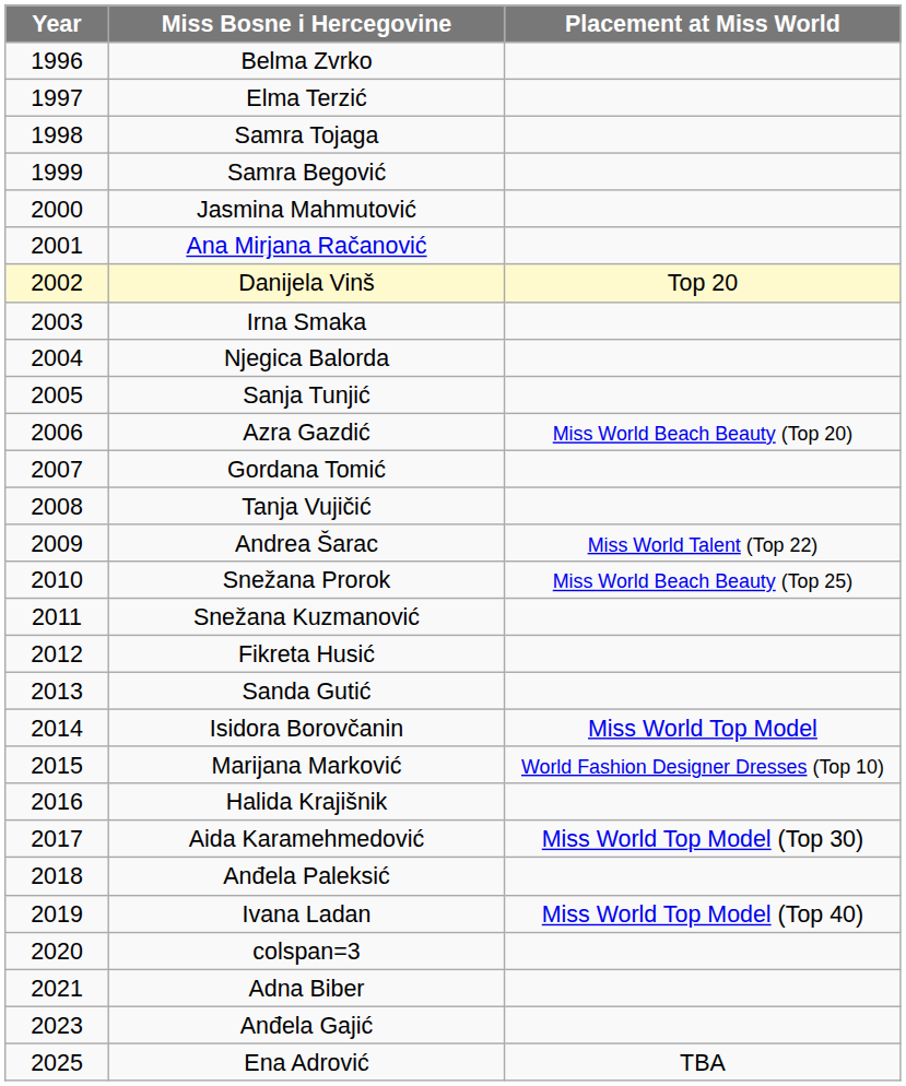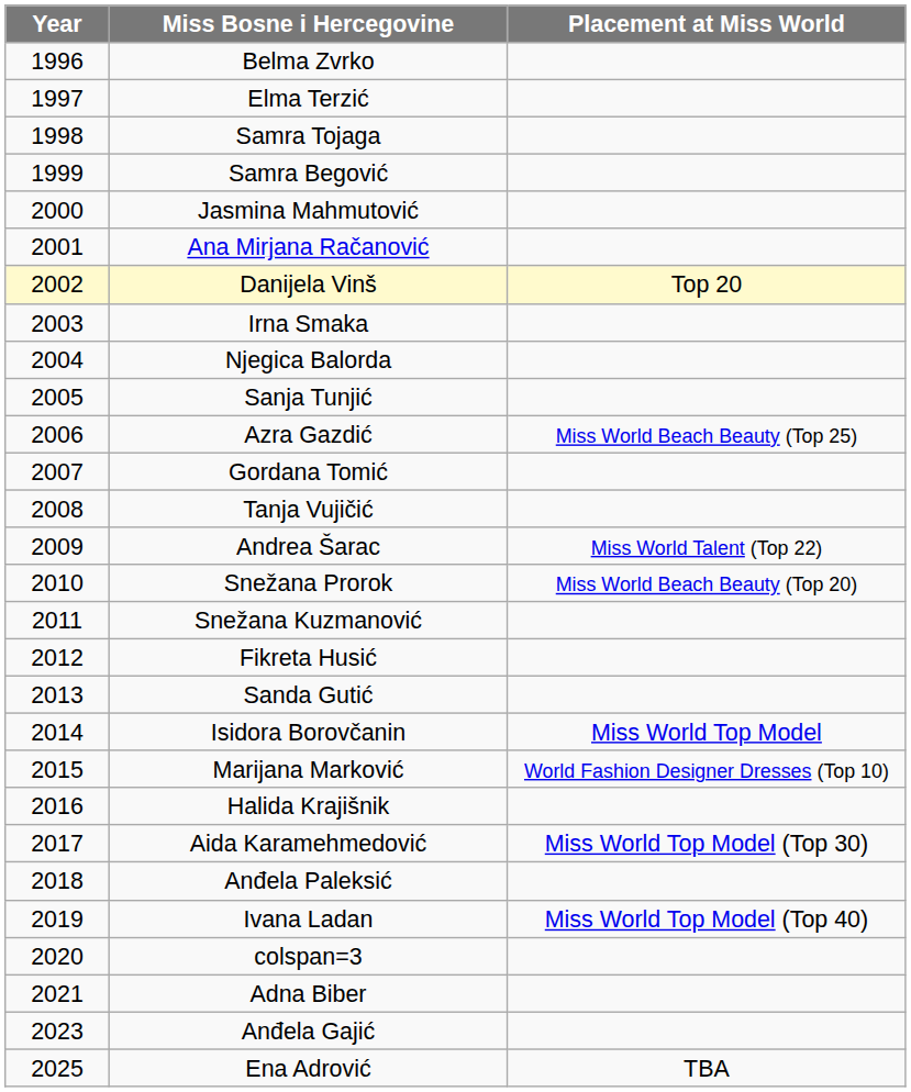 <table class="wikitable sortable" style="font-size: 95%; text-align:center">
 <tr>
 <th width="60" style="background-color:#787878;color:#FFFFFF;">Year</th>
 <th width="250" style="background-color:#787878;color:#FFFFFF;">Miss Bosne i Hercegovine</th>
 <th width="250" style="background-color:#787878;color:#FFFFFF;">Placement at Miss World</th>
 </tr>
 <tr>
 <td>1996</td>
 <td>Belma Zvrko</td>
 <td></td>
 </tr>
 <tr>
 <td>1997</td>
 <td>Elma Terzić</td>
 <td></td>
 </tr>
 <tr>
 <td>1998</td>
 <td>Samra Tojaga</td>
 <td></td>
 </tr>
 <tr>
 <td>1999</td>
 <td>Samra Begović</td>
 <td></td>
 </tr>
 <tr>
 <td>2000</td>
 <td>Jasmina Mahmutović</td>
 <td></td>
 </tr>
 <tr>
 <td>2001</td>
 <td><a href='#'>Ana Mirjana Račanović</a></td>
 <td></td>
 </tr>
 <tr style="background-color:#FFFACD;">
 <td>2002</td>
 <td>Danijela Vinš</td>
 <td>Top 20</td>
 </tr>
 <tr>
 <td>2003</td>
 <td>Irna Smaka</td>
 <td></td>
 </tr>
 <tr>
 <td>2004</td>
 <td>Njegica Balorda</td>
 <td></td>
 </tr>
 <tr>
 <td>2005</td>
 <td>Sanja Tunjić</td>
 <td></td>
 </tr>
 <tr>
 <td>2006</td>
 <td>Azra Gazdić</td>
-<td><small><a href='#'>Miss World Beach Beauty</a> (Top 20)</small></td>
+<td><small><a href='#'>Miss World Beach Beauty</a> (Top 25)</small></td>
 </tr>
 <tr>
 <td>2007</td>
 <td>Gordana Tomić</td>
 <td></td>
 </tr>
 <tr>
 <td>2008</td>
 <td>Tanja Vujičić</td>
 <td></td>
 </tr>
 <tr>
 <td>2009</td>
 <td>Andrea Šarac</td>
 <td><small><a href='#'>Miss World Talent</a> (Top 22)</small></td>
 </tr>
 <tr>
 <td>2010</td>
 <td>Snežana Prorok</td>
-<td><small><a href='#'>Miss World Beach Beauty</a> (Top 25)</small></td>
+<td><small><a href='#'>Miss World Beach Beauty</a> (Top 20)</small></td>
 </tr>
 <tr>
 <td>2011</td>
 <td>Snežana Kuzmanović</td>
 <td></td>
 </tr>
 <tr>
 <td>2012</td>
 <td>Fikreta Husić</td>
 <td></td>
 </tr>
 <tr>
 <td>2013</td>
 <td>Sanda Gutić</td>
 <td></td>
 </tr>
 <tr>
 <td>2014</td>
 <td>Isidora Borovčanin</td>
 <td><a href='#'>Miss World Top Model</a></td>
 </tr>
 <tr>
 <td>2015</td>
 <td>Marijana Marković</td>
 <td><small><a href='#'>World Fashion Designer Dresses</a> (Top 10)</small></td>
 </tr>
 <tr>
 <td>2016</td>
 <td>Halida Krajišnik</td>
 <td></td>
 </tr>
 <tr>
 <td>2017</td>
 <td>Aida Karamehmedović</td>
 <td><a href='#'>Miss World Top Model</a> (Top 30)</td>
 </tr>
 <tr>
 <td>2018</td>
 <td>Anđela Paleksić</td>
 <td></td>
 </tr>
 <tr>
 <td>2019</td>
 <td>Ivana Ladan</td>
 <td><a href='#'>Miss World Top Model</a> (Top 40)</td>
 </tr>
 <tr>
 <td>2020</td>
 <td>colspan=3 </td>
 </tr>
 <tr>
 <td>2021</td>
 <td>Adna Biber</td>
 <td></td>
 </tr>
 <tr>
 <td>2023</td>
 <td>Anđela Gajić</td>
 <td></td>
 </tr>
 <tr>
 <td>2025</td>
 <td>Ena Adrović</td>
 <td>TBA</td>
 </tr>
 </table>
